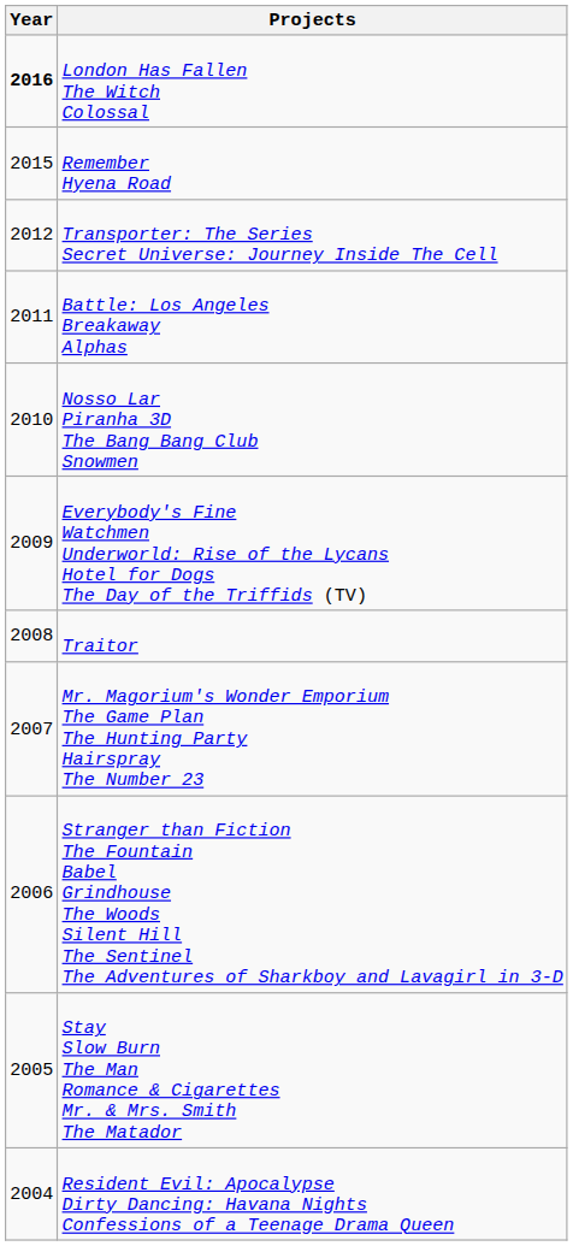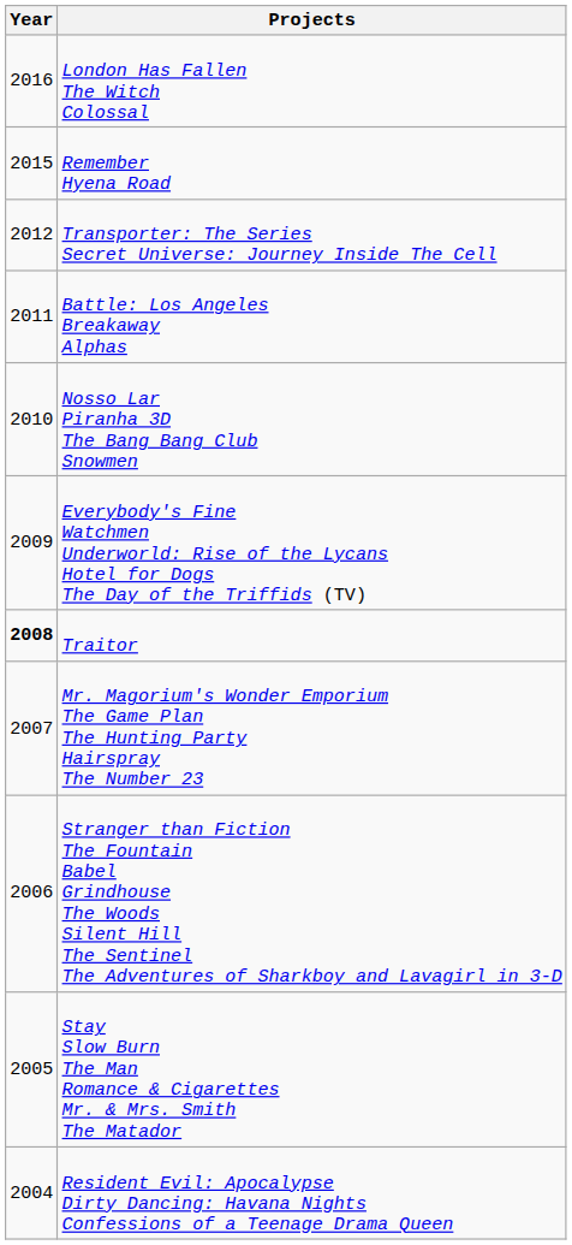 <table class="wikitable">
 <tr>
 <th>Year</th>
 <th>Projects</th>
 </tr>
 <tr>
-<td><strong>2016</strong></td>
+<td>2016</td>
 <td><br><em><a href='#'>London Has Fallen</a></em> <br> <em><a href='#'>The Witch</a></em> <br> <em><a href='#'>Colossal</a></em></td>
 </tr>
 <tr>
 <td>2015</td>
 <td><br><em><a href='#'>Remember</a></em> <br> <em><a href='#'>Hyena Road</a></em> <br></td>
 </tr>
 <tr>
 <td>2012</td>
 <td><br><em><a href='#'>Transporter: The Series</a></em> <br> <em><a href='#'>Secret Universe: Journey Inside The Cell</a></em> <br></td>
 </tr>
 <tr>
 <td>2011</td>
 <td><br><em><a href='#'>Battle: Los Angeles</a></em> <br> <em><a href='#'>Breakaway</a></em> <br> <em><a href='#'>Alphas</a></em> <br></td>
 </tr>
 <tr |->
 <td>2010</td>
 <td><br><em><a href='#'>Nosso Lar</a></em> <br> <em><a href='#'>Piranha 3D</a></em> <br> <em><a href='#'>The Bang Bang Club</a></em> <br> <em><a href='#'>Snowmen</a></em></td>
 </tr>
 <tr>
 <td>2009</td>
 <td><br><em><a href='#'>Everybody's Fine</a></em> <br> <em><a href='#'>Watchmen</a></em> <br> <em><a href='#'>Underworld: Rise of the Lycans</a></em> <br> <em><a href='#'>Hotel for Dogs</a></em> <br> <em><a href='#'>The Day of the Triffids</a></em> (TV)</td>
 </tr>
 <tr>
-<td>2008</td>
+<td><strong>2008</strong></td>
 <td><br><em><a href='#'>Traitor</a></em></td>
 </tr>
 <tr>
 <td>2007</td>
 <td><br><em><a href='#'>Mr. Magorium's Wonder Emporium</a></em> <br> <em><a href='#'>The Game Plan</a></em> <br> <em><a href='#'>The Hunting Party</a></em> <br> <em><a href='#'>Hairspray</a></em> <br> <em><a href='#'>The Number 23</a></em></td>
 </tr>
 <tr>
 <td>2006</td>
 <td><br><em><a href='#'>Stranger than Fiction</a></em> <br> <em><a href='#'>The Fountain</a></em> <br> <em><a href='#'>Babel</a></em> <br> <em><a href='#'>Grindhouse</a></em> <br> <em><a href='#'>The Woods</a></em> <br> <em><a href='#'>Silent Hill</a></em> <br> <em><a href='#'>The Sentinel</a></em> <br> <em><a href='#'>The Adventures of Sharkboy and Lavagirl in 3-D</a></em> <br></td>
 </tr>
 <tr>
 <td>2005</td>
 <td><br><em><a href='#'>Stay</a></em> <br> <em><a href='#'>Slow Burn</a></em> <br> <em><a href='#'>The Man</a></em> <br> <em><a href='#'>Romance & Cigarettes</a></em> <br> <em><a href='#'>Mr. & Mrs. Smith</a></em> <br> <em><a href='#'>The Matador</a></em> <br></td>
 </tr>
 <tr>
 <td>2004</td>
 <td><br><em><a href='#'>Resident Evil: Apocalypse</a></em> <br> <em><a href='#'>Dirty Dancing: Havana Nights</a></em> <br> <em><a href='#'>Confessions of a Teenage Drama Queen</a></em></td>
 </tr>
 </table>
